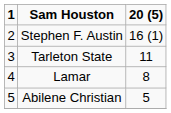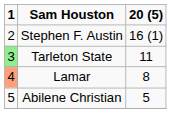 <table class="wikitable">
 <tr align="center">
 <td><strong>1</strong></td>
 <td><strong>Sam Houston</strong></td>
 <td><strong>20 (5)</strong></td>
 </tr>
 <tr align="center">
 <td>2</td>
 <td>Stephen F. Austin</td>
 <td>16 (1)</td>
 </tr>
 <tr align="center">
-<td>3</td>
+<td style="background: lightgreen;">3</td>
 <td>Tarleton State</td>
 <td>11</td>
 </tr>
 <tr align="center">
-<td>4</td>
+<td style="background: lightsalmon;">4</td>
 <td>Lamar</td>
 <td>8</td>
 </tr>
 <tr align="center">
 <td>5</td>
 <td>Abilene Christian</td>
 <td>5</td>
 </tr>
 <tr align="center">
 </tr>
 </table>
